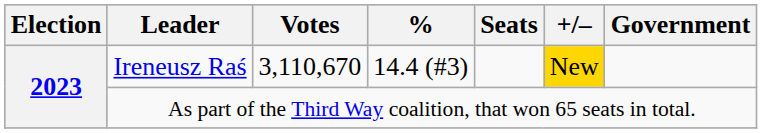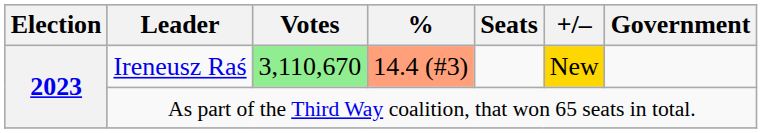 <table class=wikitable style="text-align:center;">
 <tr>
 <th>Election</th>
 <th>Leader</th>
 <th>Votes</th>
 <th>%</th>
 <th>Seats</th>
 <th>+/–</th>
 <th>Government</th>
 </tr>
 <tr>
 <th rowspan="2"><a href='#'>2023</a></th>
 <td><a href='#'>Ireneusz Raś</a></td>
-<td>3,110,670</td>
-<td>14.4 (#3)</td>
+<td style="background: lightgreen;">3,110,670</td>
+<td style="background: lightsalmon;">14.4 (#3)</td>
 <td></td>
 <td style="background: gold;">New</td>
 <td></td>
 </tr>
 <tr>
 <td colspan="6"><small>As part of the <a href='#'>Third Way</a> coalition, that won 65 seats in total.</small></td>
 </tr>
 </table>
